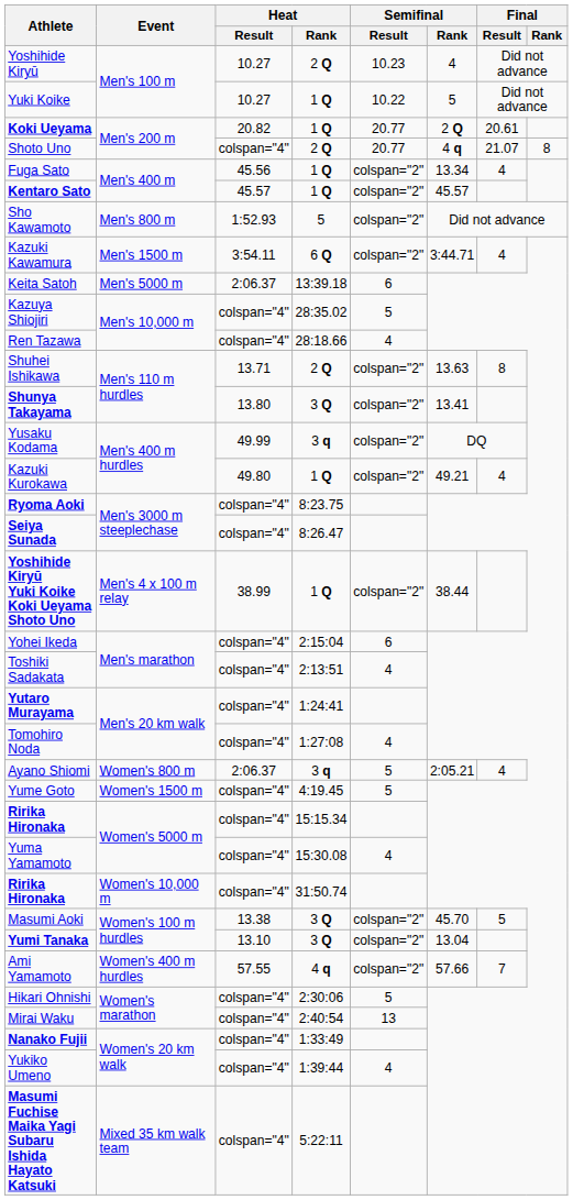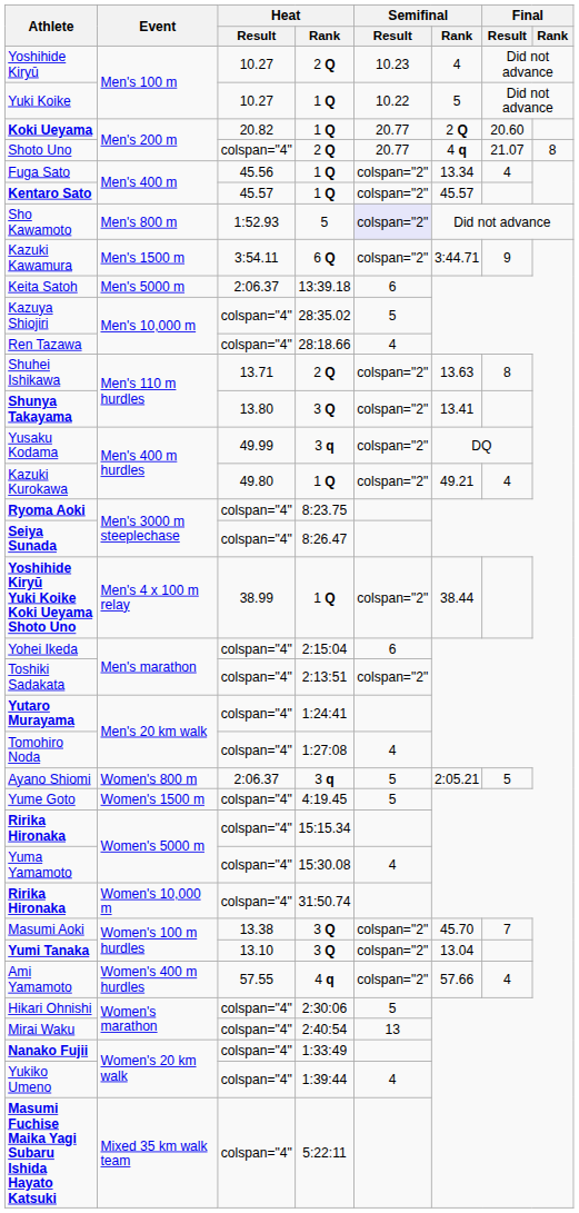 <table class="wikitable" style="font-size:90%">
 <tr>
 <th rowspan="2">Athlete</th>
 <th rowspan="2">Event</th>
 <th colspan="2">Heat</th>
 <th colspan="2">Semifinal</th>
 <th colspan="2">Final</th>
 </tr>
 <tr style="font-size:95%">
 <th>Result</th>
 <th>Rank</th>
 <th>Result</th>
 <th>Rank</th>
 <th>Result</th>
 <th>Rank</th>
 </tr>
 <tr align=center>
 <td align=left><a href='#'>Yoshihide Kiryū</a></td>
 <td align=left rowspan="2"><a href='#'>Men's 100 m</a></td>
 <td>10.27</td>
 <td>2 <strong>Q</strong></td>
 <td>10.23</td>
 <td>4</td>
 <td colspan="2">Did not advance</td>
 </tr>
 <tr align=center>
 <td align=left><a href='#'>Yuki Koike</a></td>
 <td>10.27</td>
 <td>1 <strong>Q</strong></td>
 <td>10.22</td>
 <td>5</td>
 <td colspan="2">Did not advance</td>
 </tr>
 <tr align=center>
 <td align=left><strong><a href='#'>Koki Ueyama</a></strong></td>
 <td align=left rowspan="2"><a href='#'>Men's 200 m</a></td>
 <td>20.82</td>
 <td>1 <strong>Q</strong></td>
 <td>20.77</td>
 <td>2 <strong>Q</strong></td>
-<td>20.61</td>
+<td>20.60</td>
 <td></td>
 </tr>
 <tr align=center>
 <td align=left><a href='#'>Shoto Uno</a></td>
 <td>colspan="4" </td>
 <td>2 <strong>Q</strong></td>
 <td>20.77</td>
 <td>4 <strong>q</strong></td>
 <td>21.07</td>
 <td>8</td>
 </tr>
 <tr align=center>
 <td align=left><a href='#'>Fuga Sato</a></td>
 <td align=left rowspan="2"><a href='#'>Men's 400 m</a></td>
 <td>45.56</td>
 <td>1 <strong>Q</strong></td>
 <td>colspan="2" </td>
 <td>13.34</td>
 <td>4</td>
 </tr>
 <tr align=center>
 <td align=left><strong><a href='#'>Kentaro Sato</a></strong></td>
 <td>45.57</td>
 <td>1 <strong>Q</strong></td>
 <td>colspan="2" </td>
 <td>45.57</td>
 <td></td>
 </tr>
 <tr align=center>
 <td align=left><a href='#'>Sho Kawamoto</a></td>
 <td align=left><a href='#'>Men's 800 m</a></td>
 <td>1:52.93</td>
 <td>5</td>
-<td>colspan="2" </td>
+<td style="background: lavender;">colspan="2" </td>
 <td colspan="4">Did not advance</td>
 </tr>
 <tr align=center>
 <td align=left><a href='#'>Kazuki Kawamura</a></td>
 <td align=left><a href='#'>Men's 1500 m</a></td>
 <td>3:54.11</td>
 <td>6 <strong>Q</strong></td>
 <td>colspan="2" </td>
 <td>3:44.71</td>
-<td>4</td>
+<td>9</td>
 </tr>
 <tr align=center>
 <td align=left><a href='#'>Keita Satoh</a></td>
 <td align=left><a href='#'>Men's 5000 m</a></td>
 <td>2:06.37</td>
 <td>13:39.18</td>
 <td>6</td>
 </tr>
 <tr align=center>
 <td align=left><a href='#'>Kazuya Shiojiri</a></td>
 <td align=left rowspan="2"><a href='#'>Men's 10,000 m</a></td>
 <td>colspan="4" </td>
 <td>28:35.02</td>
 <td>5</td>
 </tr>
 <tr align=center>
 <td align=left><a href='#'>Ren Tazawa</a></td>
 <td>colspan="4" </td>
 <td>28:18.66</td>
 <td>4</td>
 </tr>
 <tr align=center>
 <td align=left><a href='#'>Shuhei Ishikawa</a></td>
 <td align=left rowspan="2"><a href='#'>Men's 110 m hurdles</a></td>
 <td>13.71</td>
 <td>2 <strong>Q</strong></td>
 <td>colspan="2" </td>
 <td>13.63</td>
 <td>8</td>
 </tr>
 <tr align=center>
 <td align=left><strong><a href='#'>Shunya Takayama</a></strong></td>
 <td>13.80</td>
 <td>3 <strong>Q</strong></td>
 <td>colspan="2" </td>
 <td>13.41</td>
 <td></td>
 </tr>
 <tr align=center>
 <td align=left><a href='#'>Yusaku Kodama</a></td>
 <td align=left rowspan="2"><a href='#'>Men's 400 m hurdles</a></td>
 <td>49.99</td>
 <td>3 <strong>q</strong></td>
 <td>colspan="2" </td>
 <td colspan="2">DQ</td>
 </tr>
 <tr align=center>
 <td align=left><a href='#'>Kazuki Kurokawa</a></td>
 <td>49.80</td>
 <td>1 <strong>Q</strong></td>
 <td>colspan="2" </td>
 <td>49.21</td>
 <td>4</td>
 </tr>
 <tr align=center>
 <td align=left><strong><a href='#'>Ryoma Aoki</a></strong></td>
 <td align=left rowspan="2"><a href='#'>Men's 3000 m steeplechase</a></td>
 <td>colspan="4" </td>
 <td>8:23.75</td>
 <td></td>
 </tr>
 <tr align=center>
 <td align=left><strong><a href='#'>Seiya Sunada</a></strong></td>
 <td>colspan="4" </td>
 <td>8:26.47</td>
 <td></td>
 </tr>
 <tr align=center>
 <td align=left><strong><a href='#'>Yoshihide Kiryū</a><br><a href='#'>Yuki Koike</a><br><a href='#'>Koki Ueyama</a><br><a href='#'>Shoto Uno</a></strong></td>
 <td align=left><a href='#'>Men's 4 x 100 m relay</a></td>
 <td>38.99</td>
 <td>1 <strong>Q</strong></td>
 <td>colspan="2" </td>
 <td>38.44</td>
 <td></td>
 </tr>
 <tr align=center>
 <td align=left><a href='#'>Yohei Ikeda</a></td>
 <td align=left rowspan="2"><a href='#'>Men's marathon</a></td>
 <td>colspan="4" </td>
 <td>2:15:04</td>
 <td>6</td>
 </tr>
 <tr align=center>
 <td align=left><a href='#'>Toshiki Sadakata</a></td>
 <td>colspan="4" </td>
 <td>2:13:51</td>
-<td>4</td>
+<td>colspan="2" </td>
 </tr>
 <tr align=center>
 <td align=left><strong><a href='#'>Yutaro Murayama</a></strong></td>
 <td align=left rowspan="2"><a href='#'>Men's 20 km walk</a></td>
 <td>colspan="4" </td>
 <td>1:24:41</td>
 <td></td>
 </tr>
 <tr align=center>
 <td align=left><a href='#'>Tomohiro Noda</a></td>
 <td>colspan="4" </td>
 <td>1:27:08</td>
 <td>4</td>
 </tr>
 <tr align=center>
 <td align=left><a href='#'>Ayano Shiomi</a></td>
 <td align=left><a href='#'>Women's 800 m</a></td>
 <td>2:06.37</td>
 <td>3 <strong>q</strong></td>
 <td>5</td>
 <td>2:05.21</td>
-<td>4</td>
+<td>5</td>
 </tr>
 <tr align=center>
 <td align=left><a href='#'>Yume Goto</a></td>
 <td align=left><a href='#'>Women's 1500 m</a></td>
 <td>colspan="4" </td>
 <td>4:19.45</td>
 <td>5</td>
 </tr>
 <tr align=center>
 <td align=left><strong><a href='#'>Ririka Hironaka</a></strong></td>
 <td align=left rowspan="2"><a href='#'>Women's 5000 m</a></td>
 <td>colspan="4" </td>
 <td>15:15.34</td>
 <td></td>
 </tr>
 <tr align=center>
 <td align=left><a href='#'>Yuma Yamamoto</a></td>
 <td>colspan="4" </td>
 <td>15:30.08 <strong></strong></td>
 <td>4</td>
 </tr>
 <tr align=center>
 <td align=left><strong><a href='#'>Ririka Hironaka</a></strong></td>
 <td align=left><a href='#'>Women's 10,000 m</a></td>
 <td>colspan="4" </td>
 <td>31:50.74</td>
 <td></td>
 </tr>
 <tr align=center>
 <td align=left><a href='#'>Masumi Aoki</a></td>
 <td align=left rowspan="2"><a href='#'>Women's 100 m hurdles</a></td>
 <td>13.38</td>
 <td>3 <strong>Q</strong></td>
 <td>colspan="2" </td>
 <td>45.70</td>
-<td>5</td>
+<td>7</td>
 </tr>
 <tr align=center>
 <td align=left><strong><a href='#'>Yumi Tanaka</a></strong></td>
 <td>13.10</td>
 <td>3 <strong>Q</strong></td>
 <td>colspan="2" </td>
 <td>13.04</td>
 <td></td>
 </tr>
 <tr align=center>
 <td align=left><a href='#'>Ami Yamamoto</a></td>
 <td align=left><a href='#'>Women's 400 m hurdles</a></td>
 <td>57.55</td>
 <td>4 <strong>q</strong></td>
 <td>colspan="2" </td>
 <td>57.66</td>
-<td>7</td>
+<td>4</td>
 </tr>
 <tr align=center>
 <td align=left><a href='#'>Hikari Ohnishi</a></td>
 <td align=left rowspan="2"><a href='#'>Women's marathon</a></td>
 <td>colspan="4" </td>
 <td>2:30:06</td>
 <td>5</td>
 </tr>
 <tr align=center>
 <td align=left><a href='#'>Mirai Waku</a></td>
 <td>colspan="4" </td>
 <td>2:40:54</td>
 <td>13</td>
 </tr>
 <tr align=center>
 <td align=left><strong><a href='#'>Nanako Fujii</a></strong></td>
 <td align=left rowspan="2"><a href='#'>Women's 20 km walk</a></td>
 <td>colspan="4" </td>
 <td>1:33:49</td>
 <td></td>
 </tr>
 <tr align=center>
 <td align=left><a href='#'>Yukiko Umeno</a></td>
 <td>colspan="4" </td>
 <td>1:39:44</td>
 <td>4</td>
 </tr>
 <tr align=center>
 <td align=left><strong><a href='#'>Masumi Fuchise</a><br><a href='#'>Maika Yagi</a><br><a href='#'>Subaru Ishida</a><br><a href='#'>Hayato Katsuki</a></strong></td>
 <td align=left><a href='#'>Mixed 35 km walk team</a></td>
 <td>colspan="4" </td>
 <td>5:22:11</td>
 <td></td>
 </tr>
 </table>
